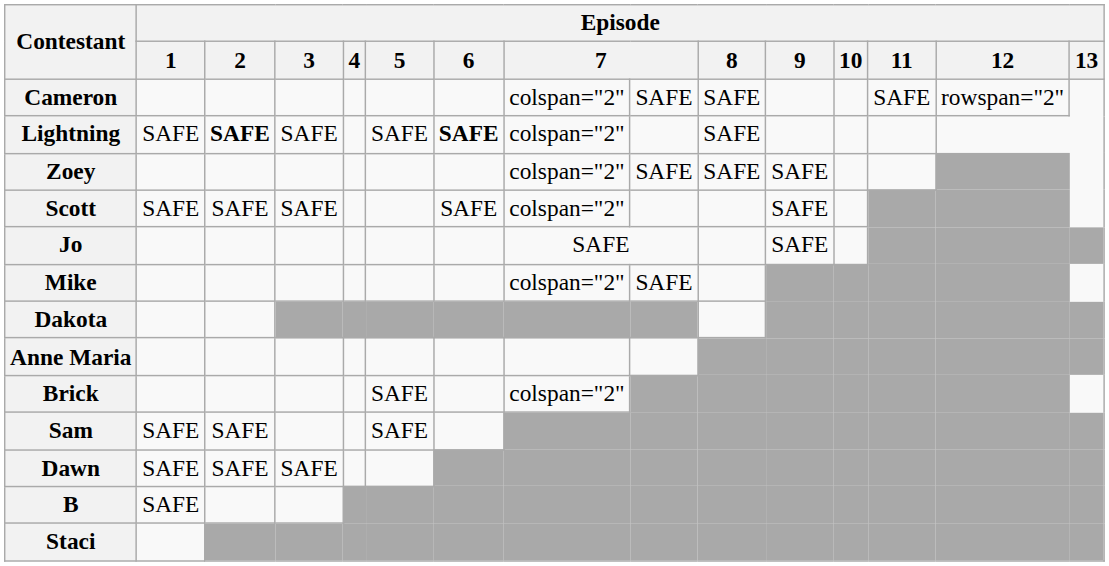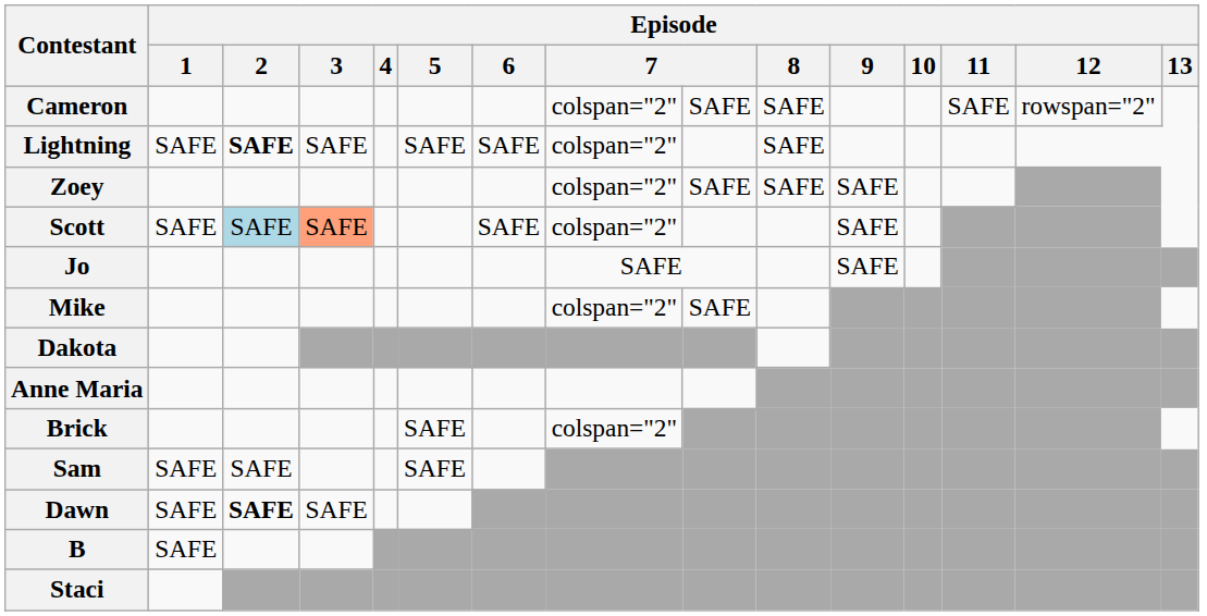 <table class="wikitable" style="text-align: center; width: auto;">
 <tr>
 <th scope="col" rowspan="2">Contestant</th>
 <th scope="col" colspan="100%">Episode<br>                        </th>
 </tr>
 <tr>
 <th scope="col">1</th>
 <th scope="col">2</th>
 <th scope="col">3</th>
 <th scope="col">4</th>
 <th scope="col">5</th>
 <th scope="col">6</th>
 <th scope="col" colspan="2">7<br></th>
 <th scope="col">8</th>
 <th scope="col">9</th>
 <th scope="col">10</th>
 <th scope="col">11</th>
 <th scope="col">12</th>
 <th scope="col">13</th>
 </tr>
 <tr>
 <th scope="row">Cameron</th>
 <td></td>
 <td></td>
 <td></td>
 <td></td>
 <td></td>
 <td></td>
 <td>colspan="2" <br></td>
 <td>SAFE</td>
 <td>SAFE</td>
 <td></td>
 <td></td>
 <td>SAFE</td>
 <td>rowspan="2" </td>
 </tr>
 <tr>
 <th scope="row">Lightning</th>
 <td>SAFE</td>
 <td><strong>SAFE</strong></td>
 <td>SAFE</td>
 <td></td>
 <td>SAFE</td>
-<td><strong>SAFE</strong></td>
+<td>SAFE</td>
 <td>colspan="2" <br></td>
 <td></td>
 <td>SAFE</td>
 <td></td>
 <td></td>
 <td><br></td>
 </tr>
 <tr>
 <th scope="row">Zoey</th>
 <td></td>
 <td></td>
 <td></td>
 <td></td>
 <td></td>
 <td></td>
 <td>colspan="2" <br></td>
 <td>SAFE</td>
 <td>SAFE</td>
 <td>SAFE</td>
 <td></td>
 <td></td>
 <td style="background:darkgray; border:none;"></td>
 </tr>
 <tr>
 <th scope="row">Scott</th>
 <td>SAFE</td>
-<td>SAFE</td>
-<td>SAFE</td>
+<td style="background: lightblue;">SAFE</td>
+<td style="background: lightsalmon;">SAFE</td>
 <td></td>
 <td></td>
 <td>SAFE</td>
 <td>colspan="2" <br></td>
 <td></td>
 <td></td>
 <td>SAFE</td>
 <td></td>
 <td style="background:darkgray; border:none;"></td>
 <td style="background:darkgray; border:none;"></td>
 </tr>
 <tr>
 <th scope="row">Jo</th>
 <td></td>
 <td></td>
 <td></td>
 <td></td>
 <td></td>
 <td></td>
 <td colspan="2">SAFE<br></td>
 <td></td>
 <td>SAFE</td>
 <td></td>
 <td style="background:darkgray; border:none;"></td>
 <td style="background:darkgray; border:none;"></td>
 <td style="background:darkgray; border:none;"></td>
 </tr>
 <tr>
 <th scope="row">Mike</th>
 <td></td>
 <td></td>
 <td></td>
 <td></td>
 <td></td>
 <td></td>
 <td>colspan="2" <br></td>
 <td>SAFE</td>
 <td></td>
 <td style="background:darkgray; border:none;"></td>
 <td style="background:darkgray; border:none;"></td>
 <td style="background:darkgray; border:none;"></td>
 <td style="background:darkgray; border:none;"></td>
 </tr>
 <tr>
 <th scope="row">Dakota</th>
 <td></td>
 <td></td>
 <td style="background:darkgray; border:none;"></td>
 <td style="background:darkgray; border:none;"></td>
 <td style="background:darkgray; border:none;"></td>
 <td style="background:darkgray; border:none;"></td>
 <td style="background:darkgray; border:none;"></td>
 <td style="background:darkgray; border:none;"></td>
 <td></td>
 <td style="background:darkgray; border:none;"></td>
 <td style="background:darkgray; border:none;"></td>
 <td style="background:darkgray; border:none;"></td>
 <td style="background:darkgray; border:none;"></td>
 <td style="background:darkgray; border:none;"></td>
 </tr>
 <tr>
 <th scope="row">Anne Maria</th>
 <td></td>
 <td></td>
 <td></td>
 <td></td>
 <td></td>
 <td></td>
 <td></td>
 <td></td>
 <td style="background:darkgray; border:none;"></td>
 <td style="background:darkgray; border:none;"></td>
 <td style="background:darkgray; border:none;"></td>
 <td style="background:darkgray; border:none;"></td>
 <td style="background:darkgray; border:none;"></td>
 <td style="background:darkgray; border:none;"></td>
 </tr>
 <tr>
 <th scope="row">Brick</th>
 <td></td>
 <td></td>
 <td></td>
 <td></td>
 <td>SAFE</td>
 <td></td>
 <td>colspan="2" <br></td>
 <td style="background:darkgray; border:none;"></td>
 <td style="background:darkgray; border:none;"></td>
 <td style="background:darkgray; border:none;"></td>
 <td style="background:darkgray; border:none;"></td>
 <td style="background:darkgray; border:none;"></td>
 <td style="background:darkgray; border:none;"></td>
 </tr>
 <tr>
 <th scope="row">Sam</th>
 <td>SAFE</td>
 <td>SAFE</td>
 <td></td>
 <td></td>
 <td>SAFE</td>
 <td></td>
 <td style="background:darkgray; border:none;"></td>
 <td style="background:darkgray; border:none;"></td>
 <td style="background:darkgray; border:none;"></td>
 <td style="background:darkgray; border:none;"></td>
 <td style="background:darkgray; border:none;"></td>
 <td style="background:darkgray; border:none;"></td>
 <td style="background:darkgray; border:none;"></td>
 <td style="background:darkgray; border:none;"></td>
 </tr>
 <tr>
 <th scope="row">Dawn</th>
 <td>SAFE</td>
-<td>SAFE</td>
+<td><strong>SAFE</strong></td>
 <td>SAFE</td>
 <td></td>
 <td></td>
 <td style="background:darkgray; border:none;"></td>
 <td style="background:darkgray; border:none;"></td>
 <td style="background:darkgray; border:none;"></td>
 <td style="background:darkgray; border:none;"></td>
 <td style="background:darkgray; border:none;"></td>
 <td style="background:darkgray; border:none;"></td>
 <td style="background:darkgray; border:none;"></td>
 <td style="background:darkgray; border:none;"></td>
 <td style="background:darkgray; border:none;"></td>
 </tr>
 <tr>
 <th scope="row">B</th>
 <td>SAFE</td>
 <td></td>
 <td></td>
 <td style="background:darkgray; border:none;"></td>
 <td style="background:darkgray; border:none;"></td>
 <td style="background:darkgray; border:none;"></td>
 <td style="background:darkgray; border:none;"></td>
 <td style="background:darkgray; border:none;"></td>
 <td style="background:darkgray; border:none;"></td>
 <td style="background:darkgray; border:none;"></td>
 <td style="background:darkgray; border:none;"></td>
 <td style="background:darkgray; border:none;"></td>
 <td style="background:darkgray; border:none;"></td>
 <td style="background:darkgray; border:none;"></td>
 </tr>
 <tr>
 <th scope="row">Staci</th>
 <td></td>
 <td style="background:darkgray; border:none;"></td>
 <td style="background:darkgray; border:none;"></td>
 <td style="background:darkgray; border:none;"></td>
 <td style="background:darkgray; border:none;"></td>
 <td style="background:darkgray; border:none;"></td>
 <td style="background:darkgray; border:none;"></td>
 <td style="background:darkgray; border:none;"></td>
 <td style="background:darkgray; border:none;"></td>
 <td style="background:darkgray; border:none;"></td>
 <td style="background:darkgray; border:none;"></td>
 <td style="background:darkgray; border:none;"></td>
 <td style="background:darkgray; border:none;"></td>
 <td style="background:darkgray; border:none;"></td>
 </tr>
 </table>
